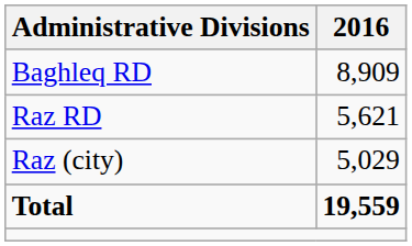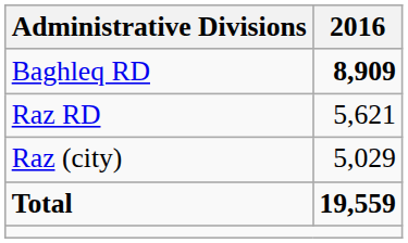 <table class="wikitable">
 <tr>
 <th>Administrative Divisions</th>
 <th>2016</th>
 </tr>
 <tr>
 <td><a href='#'>Baghleq RD</a></td>
-<td style="text-align: right;">8,909</td>
+<td style="text-align: right;"><strong>8,909</strong></td>
 </tr>
 <tr>
 <td><a href='#'>Raz RD</a></td>
 <td style="text-align: right;">5,621</td>
 </tr>
 <tr>
 <td><a href='#'>Raz</a> (city)</td>
 <td style="text-align: right;">5,029</td>
 </tr>
 <tr>
 <td><strong>Total</strong></td>
 <td style="text-align: right;"><strong>19,559</strong></td>
 </tr>
 <tr>
 <td colspan=2></td>
 </tr>
 </table>
